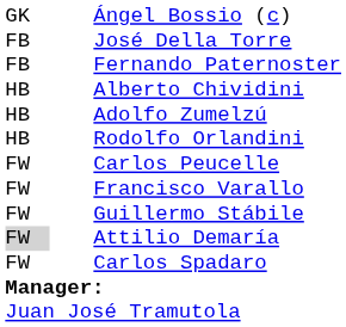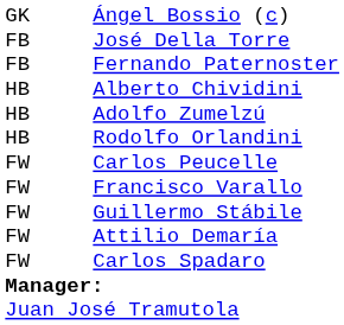 <table style="font-size:90%; margin:0.2em auto;" cellspacing="0" cellpadding="0">
 <tr>
 <th width="25"></th>
 <th width="25"></th>
 </tr>
 <tr>
 <td>GK</td>
 <td></td>
 <td><a href='#'>Ángel Bossio</a> (<a href='#'>c</a>)</td>
 </tr>
 <tr>
 <td>FB</td>
 <td></td>
 <td><a href='#'>José Della Torre</a></td>
 </tr>
 <tr>
 <td>FB</td>
 <td></td>
 <td><a href='#'>Fernando Paternoster</a></td>
 </tr>
 <tr>
 <td>HB</td>
 <td></td>
 <td><a href='#'>Alberto Chividini</a></td>
 </tr>
 <tr>
 <td>HB</td>
 <td></td>
 <td><a href='#'>Adolfo Zumelzú</a></td>
 </tr>
 <tr>
 <td>HB</td>
 <td></td>
 <td><a href='#'>Rodolfo Orlandini</a></td>
 </tr>
 <tr>
 <td>FW</td>
 <td></td>
 <td><a href='#'>Carlos Peucelle</a></td>
 </tr>
 <tr>
 <td>FW</td>
 <td></td>
 <td><a href='#'>Francisco Varallo</a></td>
 </tr>
 <tr>
 <td>FW</td>
 <td></td>
 <td><a href='#'>Guillermo Stábile</a></td>
 </tr>
 <tr>
-<td style="background: lightgrey;">FW</td>
+<td>FW</td>
 <td></td>
 <td><a href='#'>Attilio Demaría</a></td>
 </tr>
 <tr>
 <td>FW</td>
 <td></td>
 <td><a href='#'>Carlos Spadaro</a></td>
 </tr>
 <tr>
 <td colspan=3><strong>Manager:</strong></td>
 </tr>
 <tr>
 <td colspan=4><a href='#'>Juan José Tramutola</a></td>
 </tr>
 </table>
